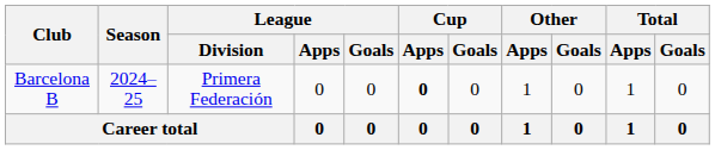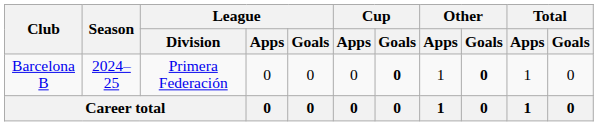 <table class=wikitable style=text-align:center>
 <tr>
 <th rowspan="2">Club</th>
 <th rowspan="2">Season</th>
 <th colspan="3">League</th>
 <th colspan="2">Cup</th>
 <th colspan="2">Other</th>
 <th colspan="2">Total</th>
 </tr>
 <tr>
 <th>Division</th>
 <th>Apps</th>
 <th>Goals</th>
 <th>Apps</th>
 <th>Goals</th>
 <th>Apps</th>
 <th>Goals</th>
 <th>Apps</th>
 <th>Goals</th>
 </tr>
 <tr>
 <td><a href='#'>Barcelona B</a></td>
 <td><a href='#'>2024–25</a></td>
 <td><a href='#'>Primera Federación</a></td>
 <td>0</td>
 <td>0</td>
+<td>0</td>
 <td><strong>0</strong></td>
-<td>0</td>
 <td>1</td>
-<td>0</td>
+<td><strong>0</strong></td>
 <td>1</td>
 <td>0</td>
 </tr>
 <tr>
 <th colspan="3"><strong>Career total</strong></th>
 <th>0</th>
 <th>0</th>
 <th>0</th>
 <th>0</th>
 <th>1</th>
 <th>0</th>
 <th>1</th>
 <th>0</th>
 </tr>
 </table>
